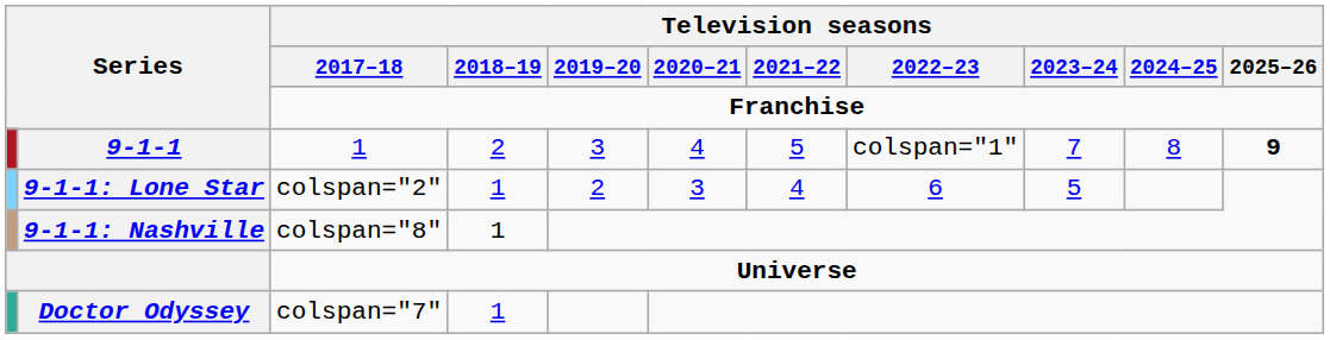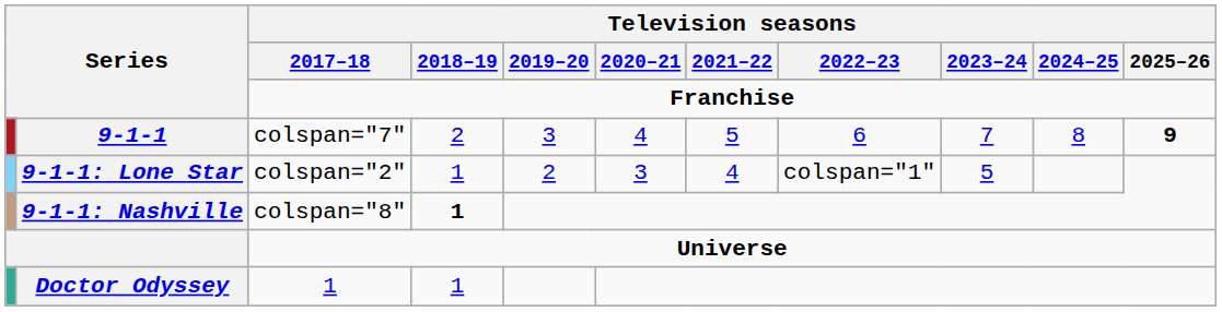 <table class="wikitable mw-datatable" style="text-align:center;">
 <tr>
 <th scope="col" colspan="2" rowspan="3">Series</th>
 <th scope="col" colspan="23">Television seasons</th>
 </tr>
 <tr>
 <th scope="col"><small><a href='#'>2017–18</a></small></th>
 <th scope="col"><small><a href='#'>2018–19</a></small></th>
 <th scope="col"><small><a href='#'>2019–20</a></small></th>
 <th scope="col"><small><a href='#'>2020–21</a></small></th>
 <th scope="col"><small><a href='#'>2021–22</a></small></th>
 <th scope="col"><small><a href='#'>2022–23</a></small></th>
 <th scope="col"><small><a href='#'>2023–24</a></small></th>
 <th scope="col"><small><a href='#'>2024–25</a></small></th>
 <th scope="col"><small>2025–26</small></th>
 </tr>
 <tr style="text-align:center;">
 <td colspan="9"><strong>Franchise</strong></td>
 </tr>
 <tr>
 <td scope="row" style="background:#AE1721;"></td>
 <th><em><a href='#'>9-1-1</a></em></th>
-<td><a href='#'>1</a></td>
+<td>colspan="7" </td>
 <td><a href='#'>2</a></td>
 <td><a href='#'>3</a></td>
 <td><a href='#'>4</a></td>
 <td><a href='#'>5</a></td>
-<td>colspan="1" </td>
+<td><a href='#'>6</a></td>
 <td><a href='#'>7</a></td>
 <td><a href='#'>8</a></td>
 <td><strong>9</strong></td>
 </tr>
 <tr>
 <td scope="row" style="background:#7DD3FC;"></td>
 <th><em><a href='#'>9-1-1: Lone Star</a></em></th>
 <td>colspan="2" </td>
 <td><a href='#'>1</a></td>
 <td><a href='#'>2</a></td>
 <td><a href='#'>3</a></td>
 <td><a href='#'>4</a></td>
-<td><a href='#'>6</a></td>
+<td>colspan="1" </td>
 <td><a href='#'>5</a></td>
 <td></td>
 </tr>
 <tr>
 <td scope="row" style="background:#C19C81;"></td>
 <th><em><a href='#'>9-1-1: Nashville</a></em></th>
 <td>colspan="8" </td>
-<td>1</td>
+<td><strong>1</strong></td>
 </tr>
 <tr style="text-align:center;">
 <th colspan="2"></th>
 <td colspan="9"><strong>Universe</strong></td>
 </tr>
 <tr>
 <td scope="row" style="background:#30AB97;"></td>
 <th><em><a href='#'>Doctor Odyssey</a></em></th>
-<td>colspan="7" </td>
+<td><a href='#'>1</a></td>
 <td><a href='#'>1</a></td>
 <td></td>
 </tr>
 </table>
